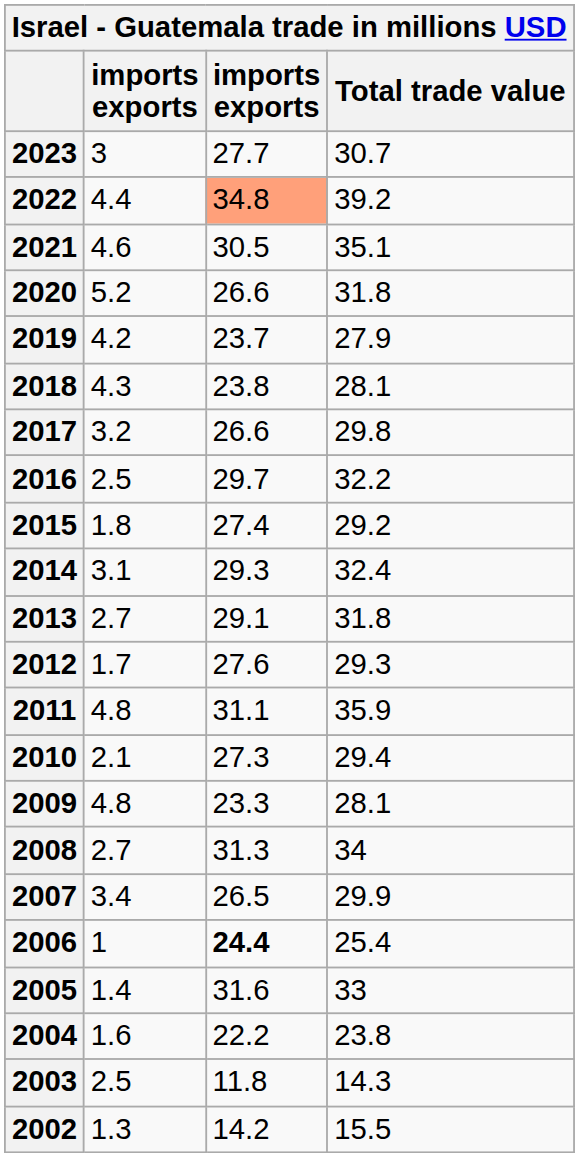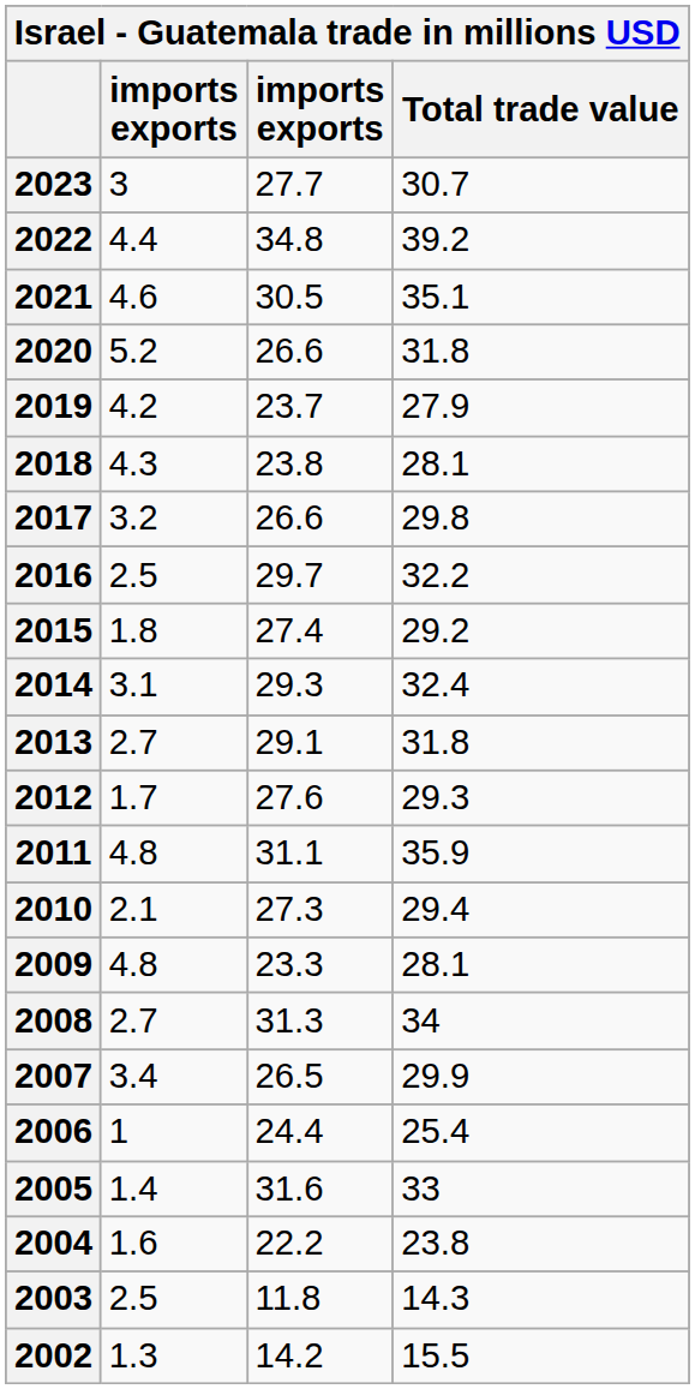 <table class="wikitable mw-collapsible mw-collapsed">
 <tr>
 <th colspan="4">Israel - Guatemala trade in millions <a href='#'>USD</a></th>
 </tr>
 <tr>
 <th></th>
 <th> imports<br> exports</th>
 <th> imports<br>  exports</th>
 <th>Total trade value</th>
 </tr>
 <tr>
 <th>2023</th>
 <td>3</td>
 <td>27.7</td>
 <td>30.7</td>
 </tr>
 <tr>
 <th>2022</th>
 <td>4.4</td>
-<td style="background: lightsalmon;">34.8</td>
+<td>34.8</td>
 <td>39.2</td>
 </tr>
 <tr>
 <th>2021</th>
 <td>4.6</td>
 <td>30.5</td>
 <td>35.1</td>
 </tr>
 <tr>
 <th>2020</th>
 <td>5.2</td>
 <td>26.6</td>
 <td>31.8</td>
 </tr>
 <tr>
 <th>2019</th>
 <td>4.2</td>
 <td>23.7</td>
 <td>27.9</td>
 </tr>
 <tr>
 <th>2018</th>
 <td>4.3</td>
 <td>23.8</td>
 <td>28.1</td>
 </tr>
 <tr>
 <th>2017</th>
 <td>3.2</td>
 <td>26.6</td>
 <td>29.8</td>
 </tr>
 <tr>
 <th>2016</th>
 <td>2.5</td>
 <td>29.7</td>
 <td>32.2</td>
 </tr>
 <tr>
 <th>2015</th>
 <td>1.8</td>
 <td>27.4</td>
 <td>29.2</td>
 </tr>
 <tr>
 <th>2014</th>
 <td>3.1</td>
 <td>29.3</td>
 <td>32.4</td>
 </tr>
 <tr>
 <th>2013</th>
 <td>2.7</td>
 <td>29.1</td>
 <td>31.8</td>
 </tr>
 <tr>
 <th>2012</th>
 <td>1.7</td>
 <td>27.6</td>
 <td>29.3</td>
 </tr>
 <tr>
 <th>2011</th>
 <td>4.8</td>
 <td>31.1</td>
 <td>35.9</td>
 </tr>
 <tr>
 <th>2010</th>
 <td>2.1</td>
 <td>27.3</td>
 <td>29.4</td>
 </tr>
 <tr>
 <th>2009</th>
 <td>4.8</td>
 <td>23.3</td>
 <td>28.1</td>
 </tr>
 <tr>
 <th>2008</th>
 <td>2.7</td>
 <td>31.3</td>
 <td>34</td>
 </tr>
 <tr>
 <th>2007</th>
 <td>3.4</td>
 <td>26.5</td>
 <td>29.9</td>
 </tr>
 <tr>
 <th>2006</th>
 <td>1</td>
-<td><strong>24.4</strong></td>
+<td>24.4</td>
 <td>25.4</td>
 </tr>
 <tr>
 <th>2005</th>
 <td>1.4</td>
 <td>31.6</td>
 <td>33</td>
 </tr>
 <tr>
 <th>2004</th>
 <td>1.6</td>
 <td>22.2</td>
 <td>23.8</td>
 </tr>
 <tr>
 <th>2003</th>
 <td>2.5</td>
 <td>11.8</td>
 <td>14.3</td>
 </tr>
 <tr>
 <th>2002</th>
 <td>1.3</td>
 <td>14.2</td>
 <td>15.5</td>
 </tr>
 </table>
